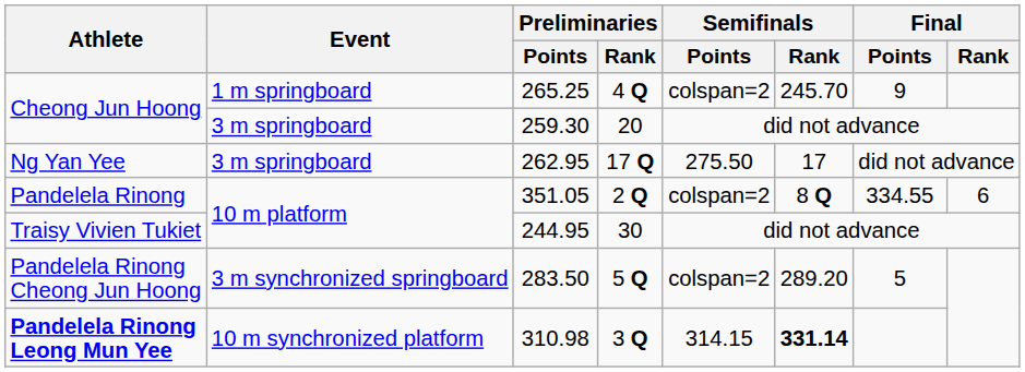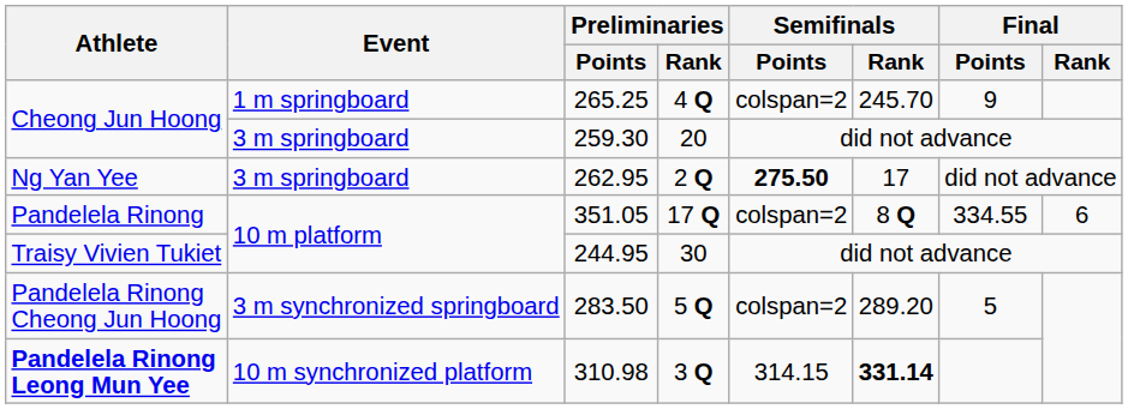 <table class=wikitable style="font-size:90%;">
 <tr>
 <th rowspan="2">Athlete</th>
 <th rowspan="2">Event</th>
 <th colspan="2">Preliminaries</th>
 <th colspan="2">Semifinals</th>
 <th colspan="2">Final</th>
 </tr>
 <tr style="font-size:95%">
 <th>Points</th>
 <th>Rank</th>
 <th>Points</th>
 <th>Rank</th>
 <th>Points</th>
 <th>Rank</th>
 </tr>
 <tr align=center>
 <td align=left rowspan=2><a href='#'>Cheong Jun Hoong</a></td>
 <td align=left><a href='#'>1 m springboard</a></td>
 <td>265.25</td>
 <td>4 <strong>Q</strong></td>
 <td>colspan=2 </td>
 <td>245.70</td>
 <td>9</td>
 </tr>
 <tr align=center>
 <td align=left><a href='#'>3 m springboard</a></td>
 <td>259.30</td>
 <td>20</td>
 <td colspan=4>did not advance</td>
 </tr>
 <tr align=center>
 <td align=left><a href='#'>Ng Yan Yee</a></td>
 <td align=left><a href='#'>3 m springboard</a></td>
 <td>262.95</td>
-<td>17 <strong>Q</strong></td>
-<td>275.50</td>
+<td>2 <strong>Q</strong></td>
+<td><strong>275.50</strong></td>
 <td>17</td>
 <td colspan=2>did not advance</td>
 </tr>
 <tr align=center>
 <td align=left><a href='#'>Pandelela Rinong</a></td>
 <td align=left rowspan=2><a href='#'>10 m platform</a></td>
 <td>351.05</td>
-<td>2 <strong>Q</strong></td>
+<td>17 <strong>Q</strong></td>
 <td>colspan=2 </td>
 <td>8 <strong>Q</strong></td>
 <td>334.55</td>
 <td>6</td>
 </tr>
 <tr align=center>
 <td align=left><a href='#'>Traisy Vivien Tukiet</a></td>
 <td>244.95</td>
 <td>30</td>
 <td colspan=4>did not advance</td>
 </tr>
 <tr align=center>
 <td align=left><a href='#'>Pandelela Rinong</a><br><a href='#'>Cheong Jun Hoong</a></td>
 <td align=left><a href='#'>3 m synchronized springboard</a></td>
 <td>283.50</td>
 <td>5 <strong>Q</strong></td>
 <td>colspan=2 </td>
 <td>289.20</td>
 <td>5</td>
 </tr>
 <tr align=center>
 <td align=left><strong><a href='#'>Pandelela Rinong</a><br><a href='#'>Leong Mun Yee</a></strong></td>
 <td align=left><a href='#'>10 m synchronized platform</a></td>
 <td>310.98</td>
 <td>3 <strong>Q</strong></td>
 <td>314.15</td>
 <td><strong>331.14</strong></td>
 <td></td>
 </tr>
 </table>
